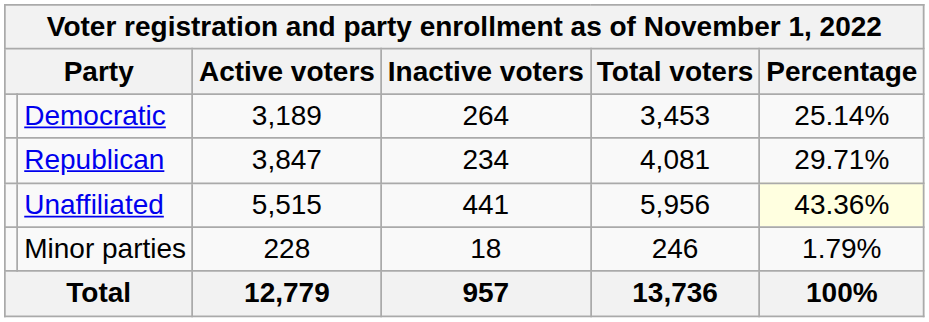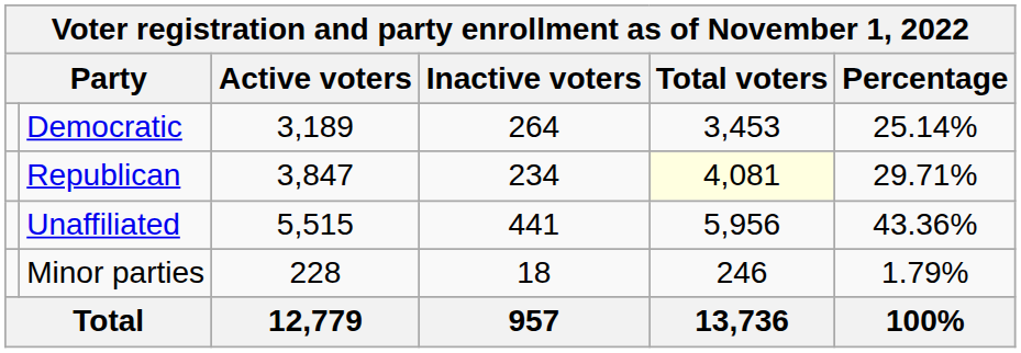 <table class=wikitable>
 <tr>
 <th colspan = 6>Voter registration and party enrollment as of November 1, 2022</th>
 </tr>
 <tr>
 <th colspan = 2>Party</th>
 <th>Active voters</th>
 <th>Inactive voters</th>
 <th>Total voters</th>
 <th>Percentage</th>
 </tr>
 <tr>
 <td></td>
 <td><a href='#'>Democratic</a></td>
 <td align = center>3,189</td>
 <td align = center>264</td>
 <td align = center>3,453</td>
 <td align = center>25.14%</td>
 </tr>
 <tr>
 <td></td>
 <td><a href='#'>Republican</a></td>
 <td align = center>3,847</td>
 <td align = center>234</td>
-<td align = center>4,081</td>
+<td align = center style="background: lightyellow;">4,081</td>
 <td align = center>29.71%</td>
 </tr>
 <tr>
 <td></td>
 <td><a href='#'>Unaffiliated</a></td>
 <td align = center>5,515</td>
 <td align = center>441</td>
 <td align = center>5,956</td>
-<td align = center style="background: lightyellow;">43.36%</td>
+<td align = center>43.36%</td>
 </tr>
 <tr>
 <td></td>
 <td>Minor parties</td>
 <td align = center>228</td>
 <td align = center>18</td>
 <td align = center>246</td>
 <td align = center>1.79%</td>
 </tr>
 <tr>
 <th colspan = 2>Total</th>
 <th align = center>12,779</th>
 <th align = center>957</th>
 <th align = center>13,736</th>
 <th align = center>100%</th>
 </tr>
 </table>
